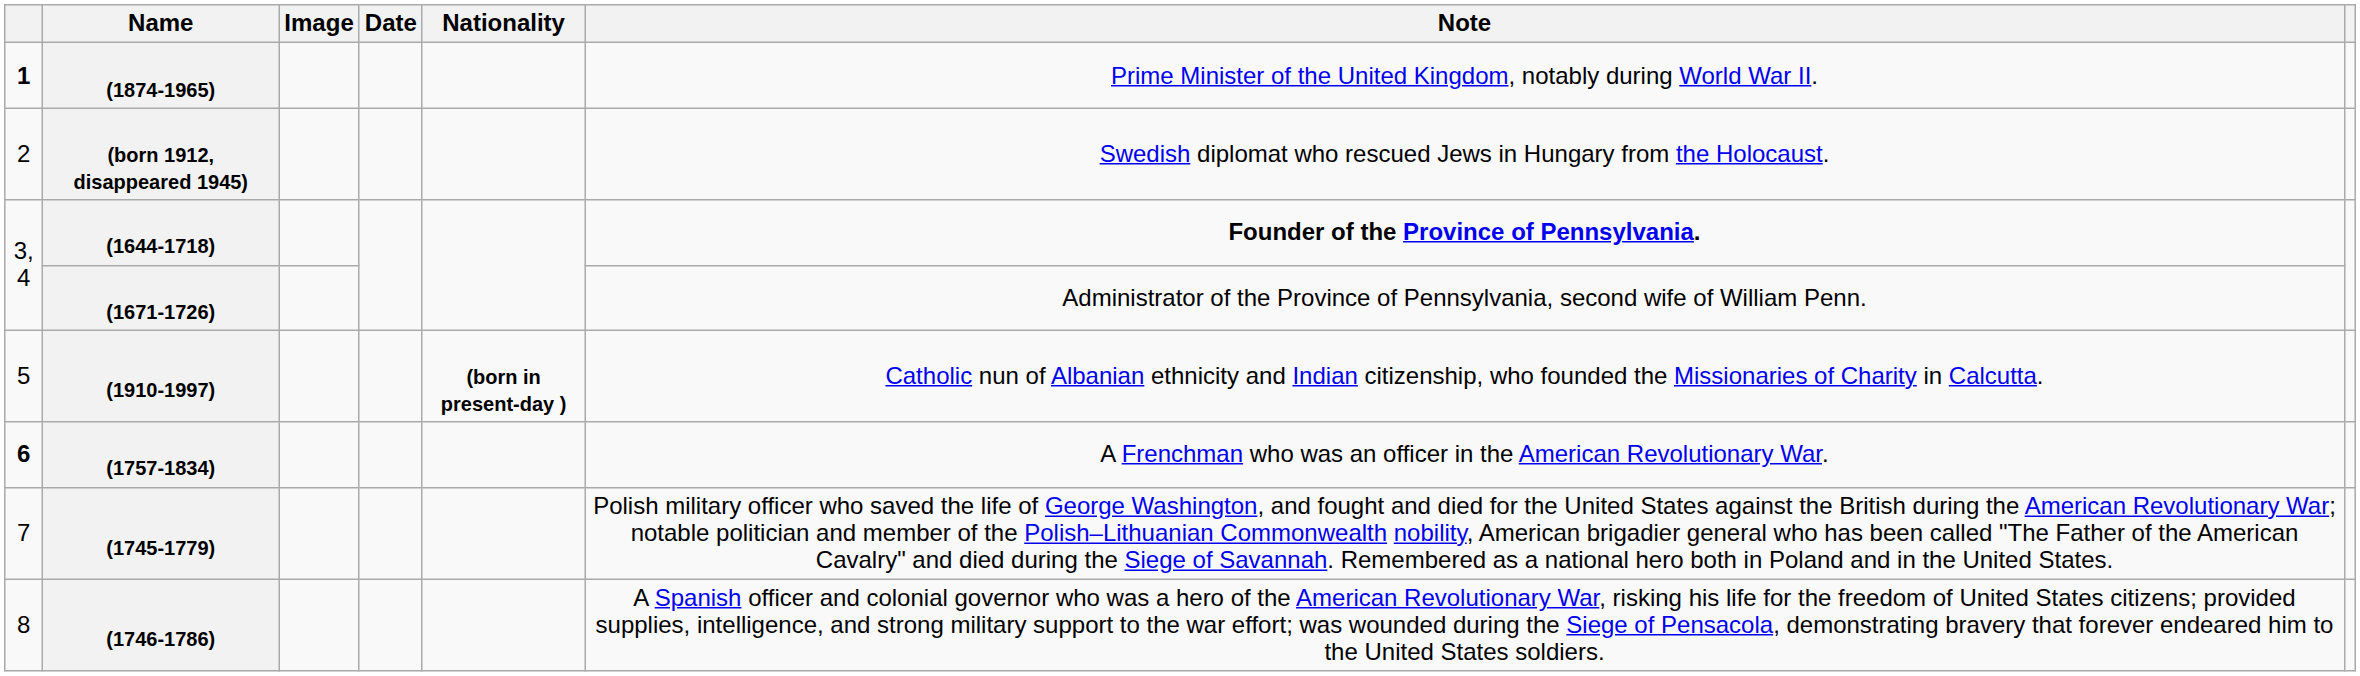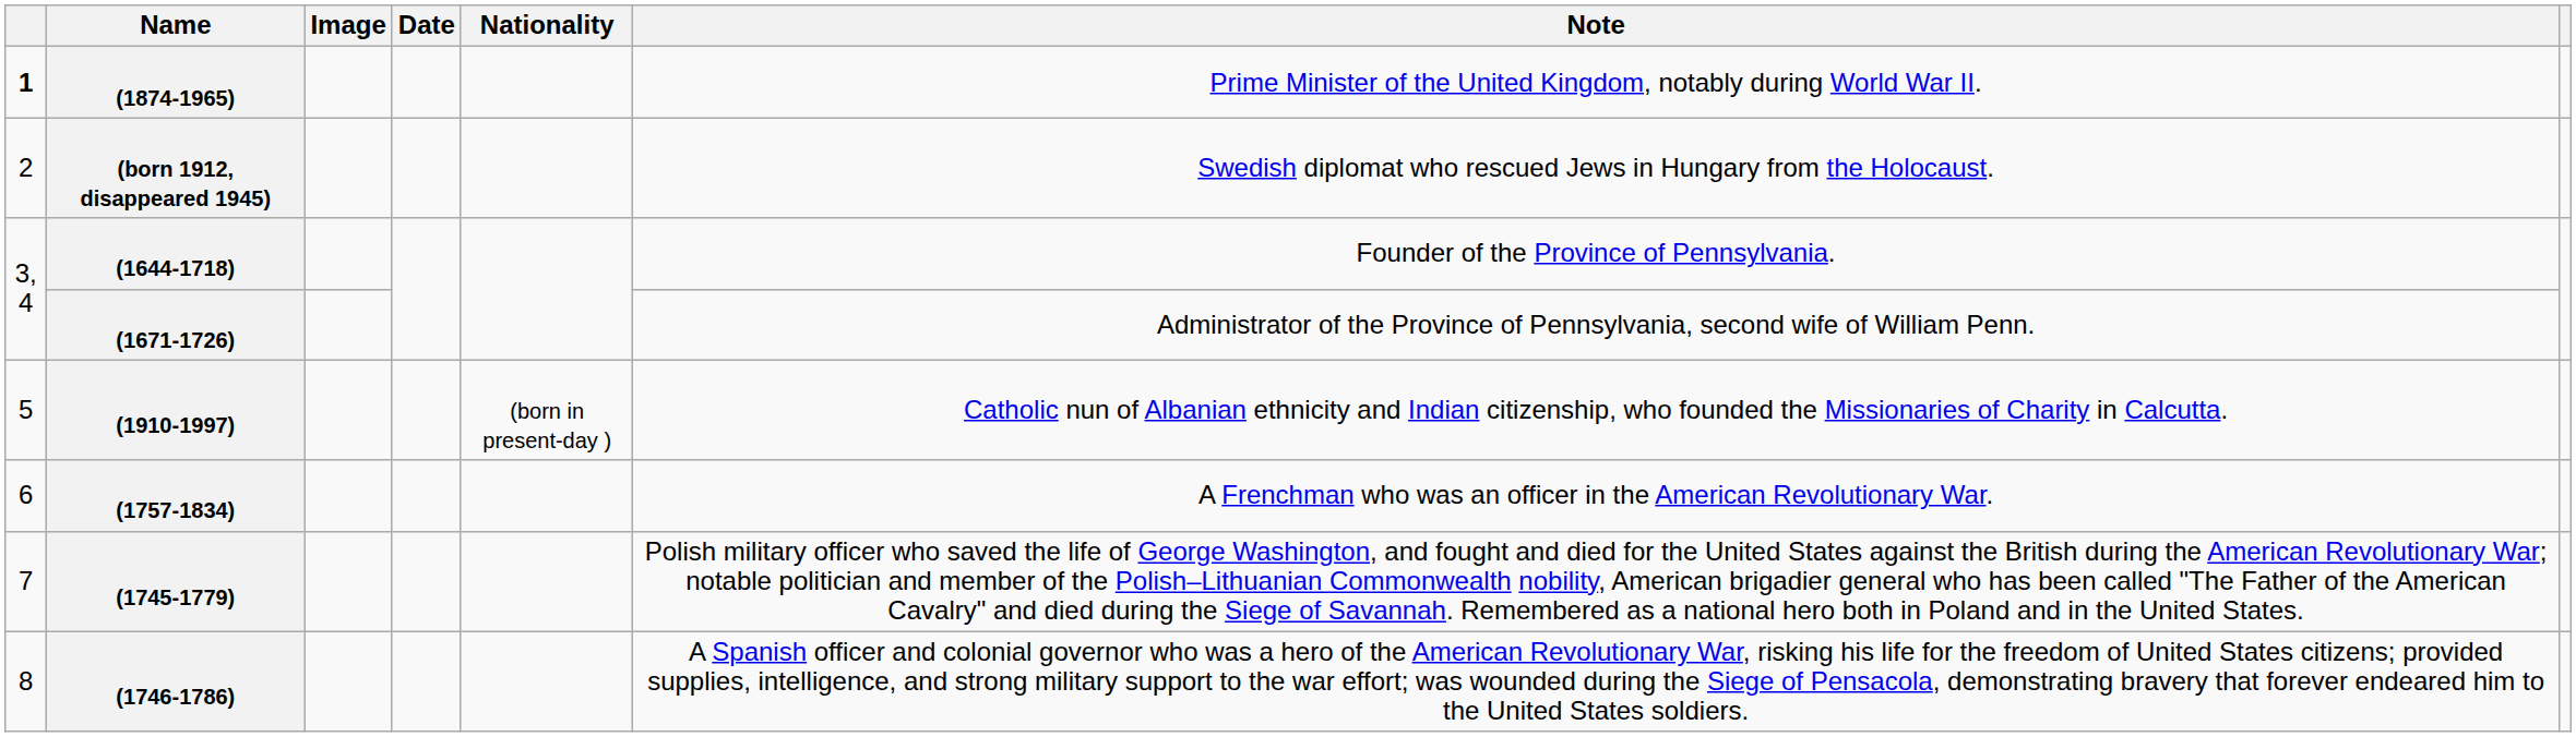 <table class="wikitable sortable plainrowheaders" border="1" style="text-align:center">
 <tr>
 <th scope="col"></th>
 <th scope="col" width=150px>Name</th>
 <th scope="col" class="unsortable">Image</th>
 <th scope="col">Date</th>
 <th scope="col" class="unsortable">Nationality</th>
 <th scope="col" class="unsortable">Note</th>
 <th scope="col" class="unsortable"></th>
 </tr>
 <tr>
 <td><strong>1</strong></td>
 <th scope="row" style="text-align:center"><br><small>(1874-1965)</small></th>
 <td></td>
 <td></td>
 <td></td>
 <td><a href='#'>Prime Minister of the United Kingdom</a>, notably during <a href='#'>World War II</a>.</td>
 <td></td>
 </tr>
 <tr>
 <td>2</td>
 <th scope="row" style="text-align:center"><br><small>(born 1912, disappeared 1945)</small></th>
 <td></td>
 <td><br></td>
 <td></td>
 <td><a href='#'>Swedish</a> diplomat who rescued Jews in Hungary from <a href='#'>the Holocaust</a>.</td>
 <td></td>
 </tr>
 <tr>
 <td rowspan=2 align="center">3, 4</td>
 <th scope="row" style="text-align:center"><br><small>(1644-1718)</small></th>
 <td></td>
 <td rowspan=2 align="center"><br></td>
 <td rowspan="2"></td>
-<td><strong>Founder of the <a href='#'>Province of Pennsylvania</a>.</strong></td>
+<td>Founder of the <a href='#'>Province of Pennsylvania</a>.</td>
 <td rowspan="2"></td>
 </tr>
 <tr>
 <th scope="row" style="text-align:center"><br><small>(1671-1726)</small></th>
 <td></td>
 <td>Administrator of the Province of Pennsylvania, second wife of William Penn.</td>
 </tr>
 <tr>
 <td>5</td>
 <th scope="row" style="text-align:center"><br><small>(1910-1997)</small></th>
 <td></td>
 <td></td>
-<td><strong><br><small>(born in present-day )</small></strong></td>
+<td><br><small>(born in present-day )</small></td>
 <td><a href='#'>Catholic</a> nun of <a href='#'>Albanian</a> ethnicity and <a href='#'>Indian</a> citizenship, who founded the <a href='#'>Missionaries of Charity</a> in <a href='#'>Calcutta</a>.</td>
 <td></td>
 </tr>
 <tr>
-<td><strong>6</strong></td>
+<td>6</td>
 <th scope="row" style="text-align:center"><br><small>(1757-1834)</small></th>
 <td></td>
 <td><br></td>
 <td></td>
 <td>A <a href='#'>Frenchman</a> who was an officer in the <a href='#'>American Revolutionary War</a>.</td>
 <td></td>
 </tr>
 <tr>
 <td>7</td>
 <th scope="row" style="text-align:center"><br><small>(1745-1779)</small></th>
 <td></td>
 <td><br></td>
 <td></td>
 <td>Polish military officer who saved the life of <a href='#'>George Washington</a>, and fought and died for the United States against the British during the <a href='#'>American Revolutionary War</a>; notable politician and member of the <a href='#'>Polish–Lithuanian Commonwealth</a> <a href='#'>nobility</a>, American brigadier general who has been called "The Father of the American Cavalry" and died during the <a href='#'>Siege of Savannah</a>. Remembered as a national hero both in Poland and in the United States.</td>
 <td></td>
 </tr>
 <tr>
 <td>8</td>
 <th scope="row" style="text-align:center"><br><small>(1746-1786)</small></th>
 <td></td>
 <td><br></td>
 <td></td>
 <td>A <a href='#'>Spanish</a> officer and colonial governor who was a hero of the <a href='#'>American Revolutionary War</a>, risking his life for the freedom of United States citizens; provided supplies, intelligence, and strong military support to the war effort; was wounded during the <a href='#'>Siege of Pensacola</a>, demonstrating bravery that forever endeared him to the United States soldiers.</td>
 <td></td>
 </tr>
 </table>
